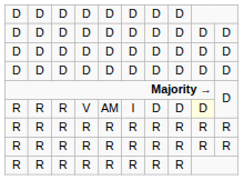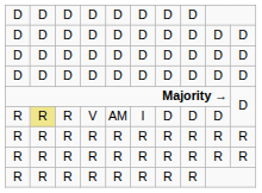 <table class="wikitable" style="text-align:center">
 <tr>
 <td>D</td>
 <td>D</td>
 <td>D</td>
 <td>D</td>
 <td>D</td>
 <td>D</td>
 <td>D</td>
 <td>D</td>
 <td colspan=2></td>
 </tr>
 <tr>
 <td width=10% >D</td>
 <td width=10% >D</td>
 <td width=10% >D</td>
 <td width=10% >D</td>
 <td width=10% >D</td>
 <td width=10% >D</td>
 <td width=10% >D</td>
 <td width=10% >D</td>
 <td width=10% >D</td>
 <td width=10% >D</td>
 </tr>
 <tr>
 <td>D</td>
 <td>D</td>
 <td>D</td>
 <td>D</td>
 <td>D</td>
 <td>D</td>
 <td>D</td>
 <td>D</td>
 <td>D</td>
 <td>D</td>
 </tr>
 <tr>
 <td>D<br></td>
 <td>D<br></td>
 <td>D<br></td>
 <td>D<br></td>
 <td>D<br></td>
 <td>D<br></td>
 <td>D<br></td>
 <td>D<br></td>
 <td>D<br></td>
 <td>D<br></td>
 </tr>
 <tr>
 <td colspan=9 align=right><strong>Majority →</strong></td>
 <td rowspan=2 >D<br></td>
 </tr>
 <tr>
 <td>R<br></td>
-<td>R<br></td>
+<td style="background: khaki;">R<br></td>
 <td>R<br></td>
 <td>V<br></td>
 <td>AM</td>
 <td>I</td>
 <td>D<br></td>
 <td>D<br></td>
-<td style="background: lightyellow;">D<br></td>
+<td>D<br></td>
 </tr>
 <tr>
 <td>R<br></td>
 <td>R<br></td>
 <td>R<br></td>
 <td>R<br></td>
 <td>R<br></td>
 <td>R<br></td>
 <td>R<br></td>
 <td>R</td>
 <td>R</td>
 <td>R</td>
 </tr>
 <tr>
 <td>R</td>
 <td>R</td>
 <td>R</td>
 <td>R</td>
 <td>R</td>
 <td>R</td>
 <td>R</td>
 <td>R</td>
 <td>R</td>
 <td>R</td>
 </tr>
 <tr>
 <td>R</td>
 <td>R</td>
 <td>R</td>
 <td>R</td>
 <td>R</td>
 <td>R</td>
 <td>R</td>
 <td>R</td>
 <td colspan=2></td>
 </tr>
 </table>
